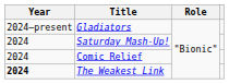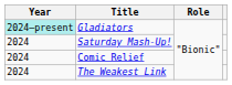 <table class="wikitable sortable">
 <tr>
 <th>Year</th>
 <th>Title</th>
 <th>Role</th>
 <th class="unsortable"></th>
 </tr>
 <tr>
-<td>2024–present</td>
+<td style="background: paleturquoise;">2024–present</td>
 <td><em><a href='#'>Gladiators</a></em></td>
 <td rowspan="4">"Bionic"</td>
 <td align="center"></td>
 </tr>
 <tr>
 <td>2024</td>
 <td><em><a href='#'>Saturday Mash-Up!</a></em></td>
 <td align="center"></td>
 </tr>
 <tr>
 <td>2024</td>
 <td><a href='#'>Comic Relief</a></td>
 <td align="center"></td>
 </tr>
 <tr>
-<td><strong>2024</strong></td>
+<td>2024</td>
 <td><em><a href='#'>The Weakest Link</a></em></td>
 <td align="center"></td>
 </tr>
 </table>
